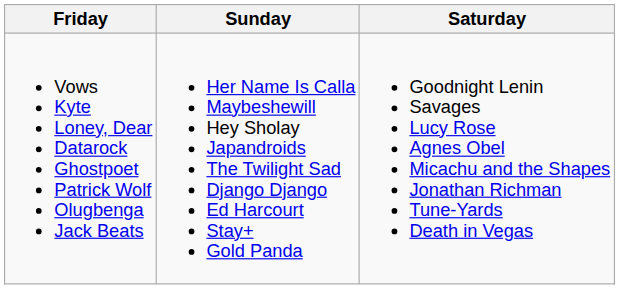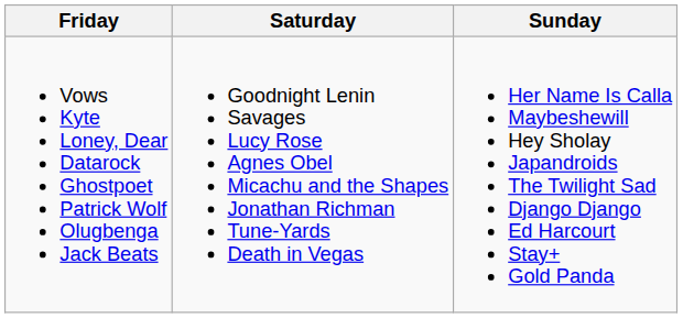 <table class="wikitable">
 <tr>
 <th>Friday</th>
+<th>Saturday</th>
 <th>Sunday</th>
-<th>Saturday</th>
 </tr>
 <tr>
 <td valign=top><br><ul><li>Vows</li><li><a href='#'>Kyte</a></li><li><a href='#'>Loney, Dear</a></li><li><a href='#'>Datarock</a></li><li><a href='#'>Ghostpoet</a></li><li><a href='#'>Patrick Wolf</a></li><li><a href='#'>Olugbenga</a></li><li><a href='#'>Jack Beats</a></li></ul></td>
+<td valign=top><br><ul><li>Goodnight Lenin</li><li>Savages</li><li><a href='#'>Lucy Rose</a></li><li><a href='#'>Agnes Obel</a></li><li><a href='#'>Micachu and the Shapes</a></li><li><a href='#'>Jonathan Richman</a></li><li><a href='#'>Tune-Yards</a></li><li><a href='#'>Death in Vegas</a></li></ul></td>
 <td valign=top><br><ul><li><a href='#'>Her Name Is Calla</a></li><li><a href='#'>Maybeshewill</a></li><li>Hey Sholay</li><li><a href='#'>Japandroids</a></li><li><a href='#'>The Twilight Sad</a></li><li><a href='#'>Django Django</a></li><li><a href='#'>Ed Harcourt</a></li><li><a href='#'>Stay+</a></li><li><a href='#'>Gold Panda</a></li></ul></td>
-<td valign=top><br><ul><li>Goodnight Lenin</li><li>Savages</li><li><a href='#'>Lucy Rose</a></li><li><a href='#'>Agnes Obel</a></li><li><a href='#'>Micachu and the Shapes</a></li><li><a href='#'>Jonathan Richman</a></li><li><a href='#'>Tune-Yards</a></li><li><a href='#'>Death in Vegas</a></li></ul></td>
 </tr>
 </table>
